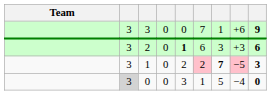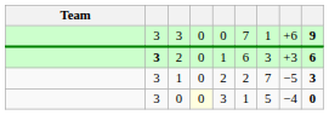 <table class="wikitable" style="text-align: center;">
 <tr>
 <th width="165">Team</th>
 <th width="20"></th>
 <th width="20"></th>
 <th width="20"></th>
 <th width="20"></th>
 <th width="20"></th>
 <th width="20"></th>
 <th width="20"></th>
 <th width="20"></th>
 </tr>
 <tr bgcolor=ccffcc>
 <td align=left></td>
 <td>3</td>
 <td>3</td>
 <td>0</td>
 <td>0</td>
 <td>7</td>
 <td>1</td>
 <td>+6</td>
 <td><strong>9</strong></td>
 </tr>
 <tr style="border-bottom:3px solid green;">
 </tr>
 <tr bgcolor=ccffcc>
 <td align=left></td>
-<td>3</td>
+<td><strong>3</strong></td>
 <td>2</td>
 <td>0</td>
-<td><strong>1</strong></td>
+<td>1</td>
 <td>6</td>
 <td>3</td>
 <td>+3</td>
 <td><strong>6</strong></td>
 </tr>
 <tr>
 <td align=left></td>
 <td>3</td>
 <td>1</td>
 <td>0</td>
 <td>2</td>
-<td style="background: pink;">2</td>
-<td><strong>7</strong></td>
-<td style="background: pink;">−5</td>
+<td>2</td>
+<td>7</td>
+<td>−5</td>
 <td><strong>3</strong></td>
 </tr>
 <tr>
 <td align=left></td>
-<td style="background: lightgrey;">3</td>
+<td>3</td>
 <td>0</td>
-<td>0</td>
+<td style="background: lightyellow;">0</td>
 <td>3</td>
 <td>1</td>
 <td>5</td>
 <td>−4</td>
 <td><strong>0</strong></td>
 </tr>
 </table>
